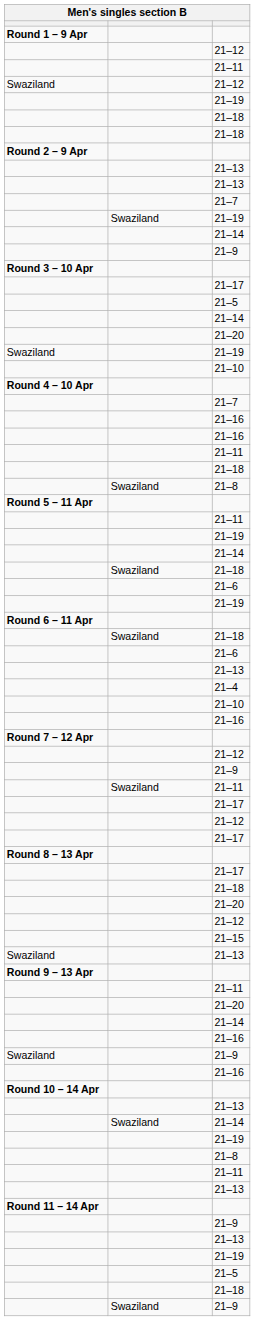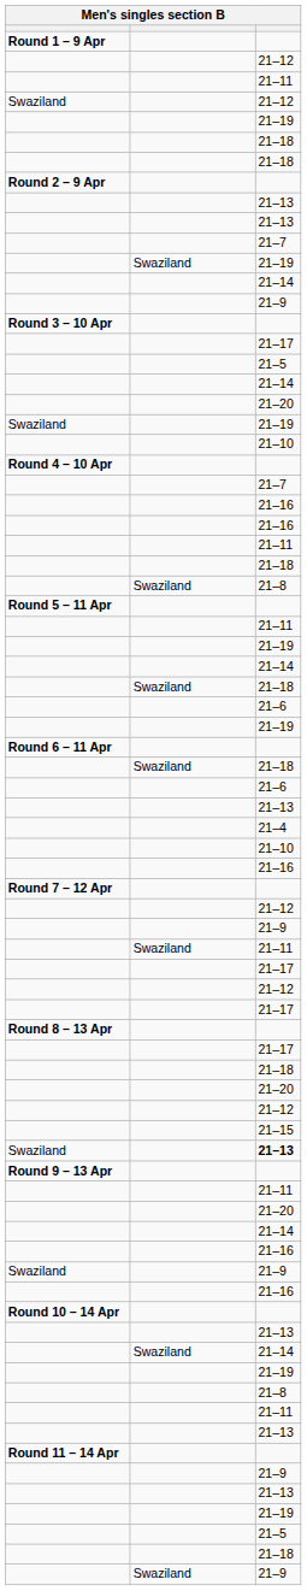 <table class="wikitable">
 <tr>
 <th colspan="3">Men's singles section B</th>
 </tr>
 <tr>
 <th width=150></th>
 <th width=150></th>
 <th width=50></th>
 </tr>
 <tr>
 <td><strong>Round 1 – 9 Apr</strong></td>
 <td></td>
 <td></td>
 </tr>
 <tr>
 <td></td>
 <td></td>
 <td>21–12</td>
 </tr>
 <tr>
 <td></td>
 <td></td>
 <td>21–11</td>
 </tr>
 <tr>
 <td> Swaziland</td>
 <td></td>
 <td>21–12</td>
 </tr>
 <tr>
 <td></td>
 <td></td>
 <td>21–19</td>
 </tr>
 <tr>
 <td></td>
 <td></td>
 <td>21–18</td>
 </tr>
 <tr>
 <td></td>
 <td></td>
 <td>21–18</td>
 </tr>
 <tr>
 <td><strong>Round 2 – 9 Apr</strong></td>
 <td></td>
 <td></td>
 </tr>
 <tr>
 <td></td>
 <td></td>
 <td>21–13</td>
 </tr>
 <tr>
 <td></td>
 <td></td>
 <td>21–13</td>
 </tr>
 <tr>
 <td></td>
 <td></td>
 <td>21–7</td>
 </tr>
 <tr>
 <td></td>
 <td> Swaziland</td>
 <td>21–19</td>
 </tr>
 <tr>
 <td></td>
 <td></td>
 <td>21–14</td>
 </tr>
 <tr>
 <td></td>
 <td></td>
 <td>21–9</td>
 </tr>
 <tr>
 <td><strong>Round 3 – 10 Apr</strong></td>
 <td></td>
 <td></td>
 </tr>
 <tr>
 <td></td>
 <td></td>
 <td>21–17</td>
 </tr>
 <tr>
 <td></td>
 <td></td>
 <td>21–5</td>
 </tr>
 <tr>
 <td></td>
 <td></td>
 <td>21–14</td>
 </tr>
 <tr>
 <td></td>
 <td></td>
 <td>21–20</td>
 </tr>
 <tr>
 <td> Swaziland</td>
 <td></td>
 <td>21–19</td>
 </tr>
 <tr>
 <td></td>
 <td></td>
 <td>21–10</td>
 </tr>
 <tr>
 <td><strong>Round 4 – 10 Apr</strong></td>
 <td></td>
 <td></td>
 </tr>
 <tr>
 <td></td>
 <td></td>
 <td>21–7</td>
 </tr>
 <tr>
 <td></td>
 <td></td>
 <td>21–16</td>
 </tr>
 <tr>
 <td></td>
 <td></td>
 <td>21–16</td>
 </tr>
 <tr>
 <td></td>
 <td></td>
 <td>21–11</td>
 </tr>
 <tr>
 <td></td>
 <td></td>
 <td>21–18</td>
 </tr>
 <tr>
 <td></td>
 <td> Swaziland</td>
 <td>21–8</td>
 </tr>
 <tr>
 <td><strong>Round 5 – 11 Apr</strong></td>
 <td></td>
 <td></td>
 </tr>
 <tr>
 <td></td>
 <td></td>
 <td>21–11</td>
 </tr>
 <tr>
 <td></td>
 <td></td>
 <td>21–19</td>
 </tr>
 <tr>
 <td></td>
 <td></td>
 <td>21–14</td>
 </tr>
 <tr>
 <td></td>
 <td> Swaziland</td>
 <td>21–18</td>
 </tr>
 <tr>
 <td></td>
 <td></td>
 <td>21–6</td>
 </tr>
 <tr>
 <td></td>
 <td></td>
 <td>21–19</td>
 </tr>
 <tr>
 <td><strong>Round 6 – 11 Apr</strong></td>
 <td></td>
 <td></td>
 </tr>
 <tr>
 <td></td>
 <td> Swaziland</td>
 <td>21–18</td>
 </tr>
 <tr>
 <td></td>
 <td></td>
 <td>21–6</td>
 </tr>
 <tr>
 <td></td>
 <td></td>
 <td>21–13</td>
 </tr>
 <tr>
 <td></td>
 <td></td>
 <td>21–4</td>
 </tr>
 <tr>
 <td></td>
 <td></td>
 <td>21–10</td>
 </tr>
 <tr>
 <td></td>
 <td></td>
 <td>21–16</td>
 </tr>
 <tr>
 <td><strong>Round 7 – 12 Apr</strong></td>
 <td></td>
 <td></td>
 </tr>
 <tr>
 <td></td>
 <td></td>
 <td>21–12</td>
 </tr>
 <tr>
 <td></td>
 <td></td>
 <td>21–9</td>
 </tr>
 <tr>
 <td></td>
 <td> Swaziland</td>
 <td>21–11</td>
 </tr>
 <tr>
 <td></td>
 <td></td>
 <td>21–17</td>
 </tr>
 <tr>
 <td></td>
 <td></td>
 <td>21–12</td>
 </tr>
 <tr>
 <td></td>
 <td></td>
 <td>21–17</td>
 </tr>
 <tr>
 <td><strong>Round 8 – 13 Apr</strong></td>
 <td></td>
 <td></td>
 </tr>
 <tr>
 <td></td>
 <td></td>
 <td>21–17</td>
 </tr>
 <tr>
 <td></td>
 <td></td>
 <td>21–18</td>
 </tr>
 <tr>
 <td></td>
 <td></td>
 <td>21–20</td>
 </tr>
 <tr>
 <td></td>
 <td></td>
 <td>21–12</td>
 </tr>
 <tr>
 <td></td>
 <td></td>
 <td>21–15</td>
 </tr>
 <tr>
 <td> Swaziland</td>
 <td></td>
-<td>21–13</td>
+<td><strong>21–13</strong></td>
 </tr>
 <tr>
 <td><strong>Round 9 – 13 Apr</strong></td>
 <td></td>
 <td></td>
 </tr>
 <tr>
 <td></td>
 <td></td>
 <td>21–11</td>
 </tr>
 <tr>
 <td></td>
 <td></td>
 <td>21–20</td>
 </tr>
 <tr>
 <td></td>
 <td></td>
 <td>21–14</td>
 </tr>
 <tr>
 <td></td>
 <td></td>
 <td>21–16</td>
 </tr>
 <tr>
 <td> Swaziland</td>
 <td></td>
 <td>21–9</td>
 </tr>
 <tr>
 <td></td>
 <td></td>
 <td>21–16</td>
 </tr>
 <tr>
 <td><strong>Round 10 – 14 Apr</strong></td>
 <td></td>
 <td></td>
 </tr>
 <tr>
 <td></td>
 <td></td>
 <td>21–13</td>
 </tr>
 <tr>
 <td></td>
 <td> Swaziland</td>
 <td>21–14</td>
 </tr>
 <tr>
 <td></td>
 <td></td>
 <td>21–19</td>
 </tr>
 <tr>
 <td></td>
 <td></td>
 <td>21–8</td>
 </tr>
 <tr>
 <td></td>
 <td></td>
 <td>21–11</td>
 </tr>
 <tr>
 <td></td>
 <td></td>
 <td>21–13</td>
 </tr>
 <tr>
 <td><strong>Round 11 – 14 Apr</strong></td>
 <td></td>
 <td></td>
 </tr>
 <tr>
 <td></td>
 <td></td>
 <td>21–9</td>
 </tr>
 <tr>
 <td></td>
 <td></td>
 <td>21–13</td>
 </tr>
 <tr>
 <td></td>
 <td></td>
 <td>21–19</td>
 </tr>
 <tr>
 <td></td>
 <td></td>
 <td>21–5</td>
 </tr>
 <tr>
 <td></td>
 <td></td>
 <td>21–18</td>
 </tr>
 <tr>
 <td></td>
 <td> Swaziland</td>
 <td>21–9</td>
 </tr>
 </table>
